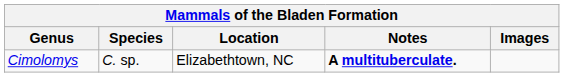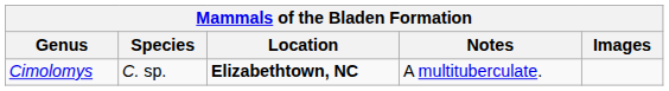 <table class="wikitable" width="100%" align="center">
 <tr>
 <th colspan="7" align="center"><strong><a href='#'>Mammals</a> of the Bladen Formation</strong></th>
 </tr>
 <tr>
 <th>Genus</th>
 <th>Species</th>
 <th>Location</th>
 <th>Notes</th>
 <th>Images</th>
 </tr>
 <tr>
 <td><em><a href='#'>Cimolomys</a></em></td>
 <td><em>C.</em> sp.</td>
-<td>Elizabethtown, NC</td>
-<td><strong>A <a href='#'>multituberculate</a>.</strong></td>
+<td><strong>Elizabethtown, NC</strong></td>
+<td>A <a href='#'>multituberculate</a>.</td>
 <td></td>
 </tr>
 </table>
